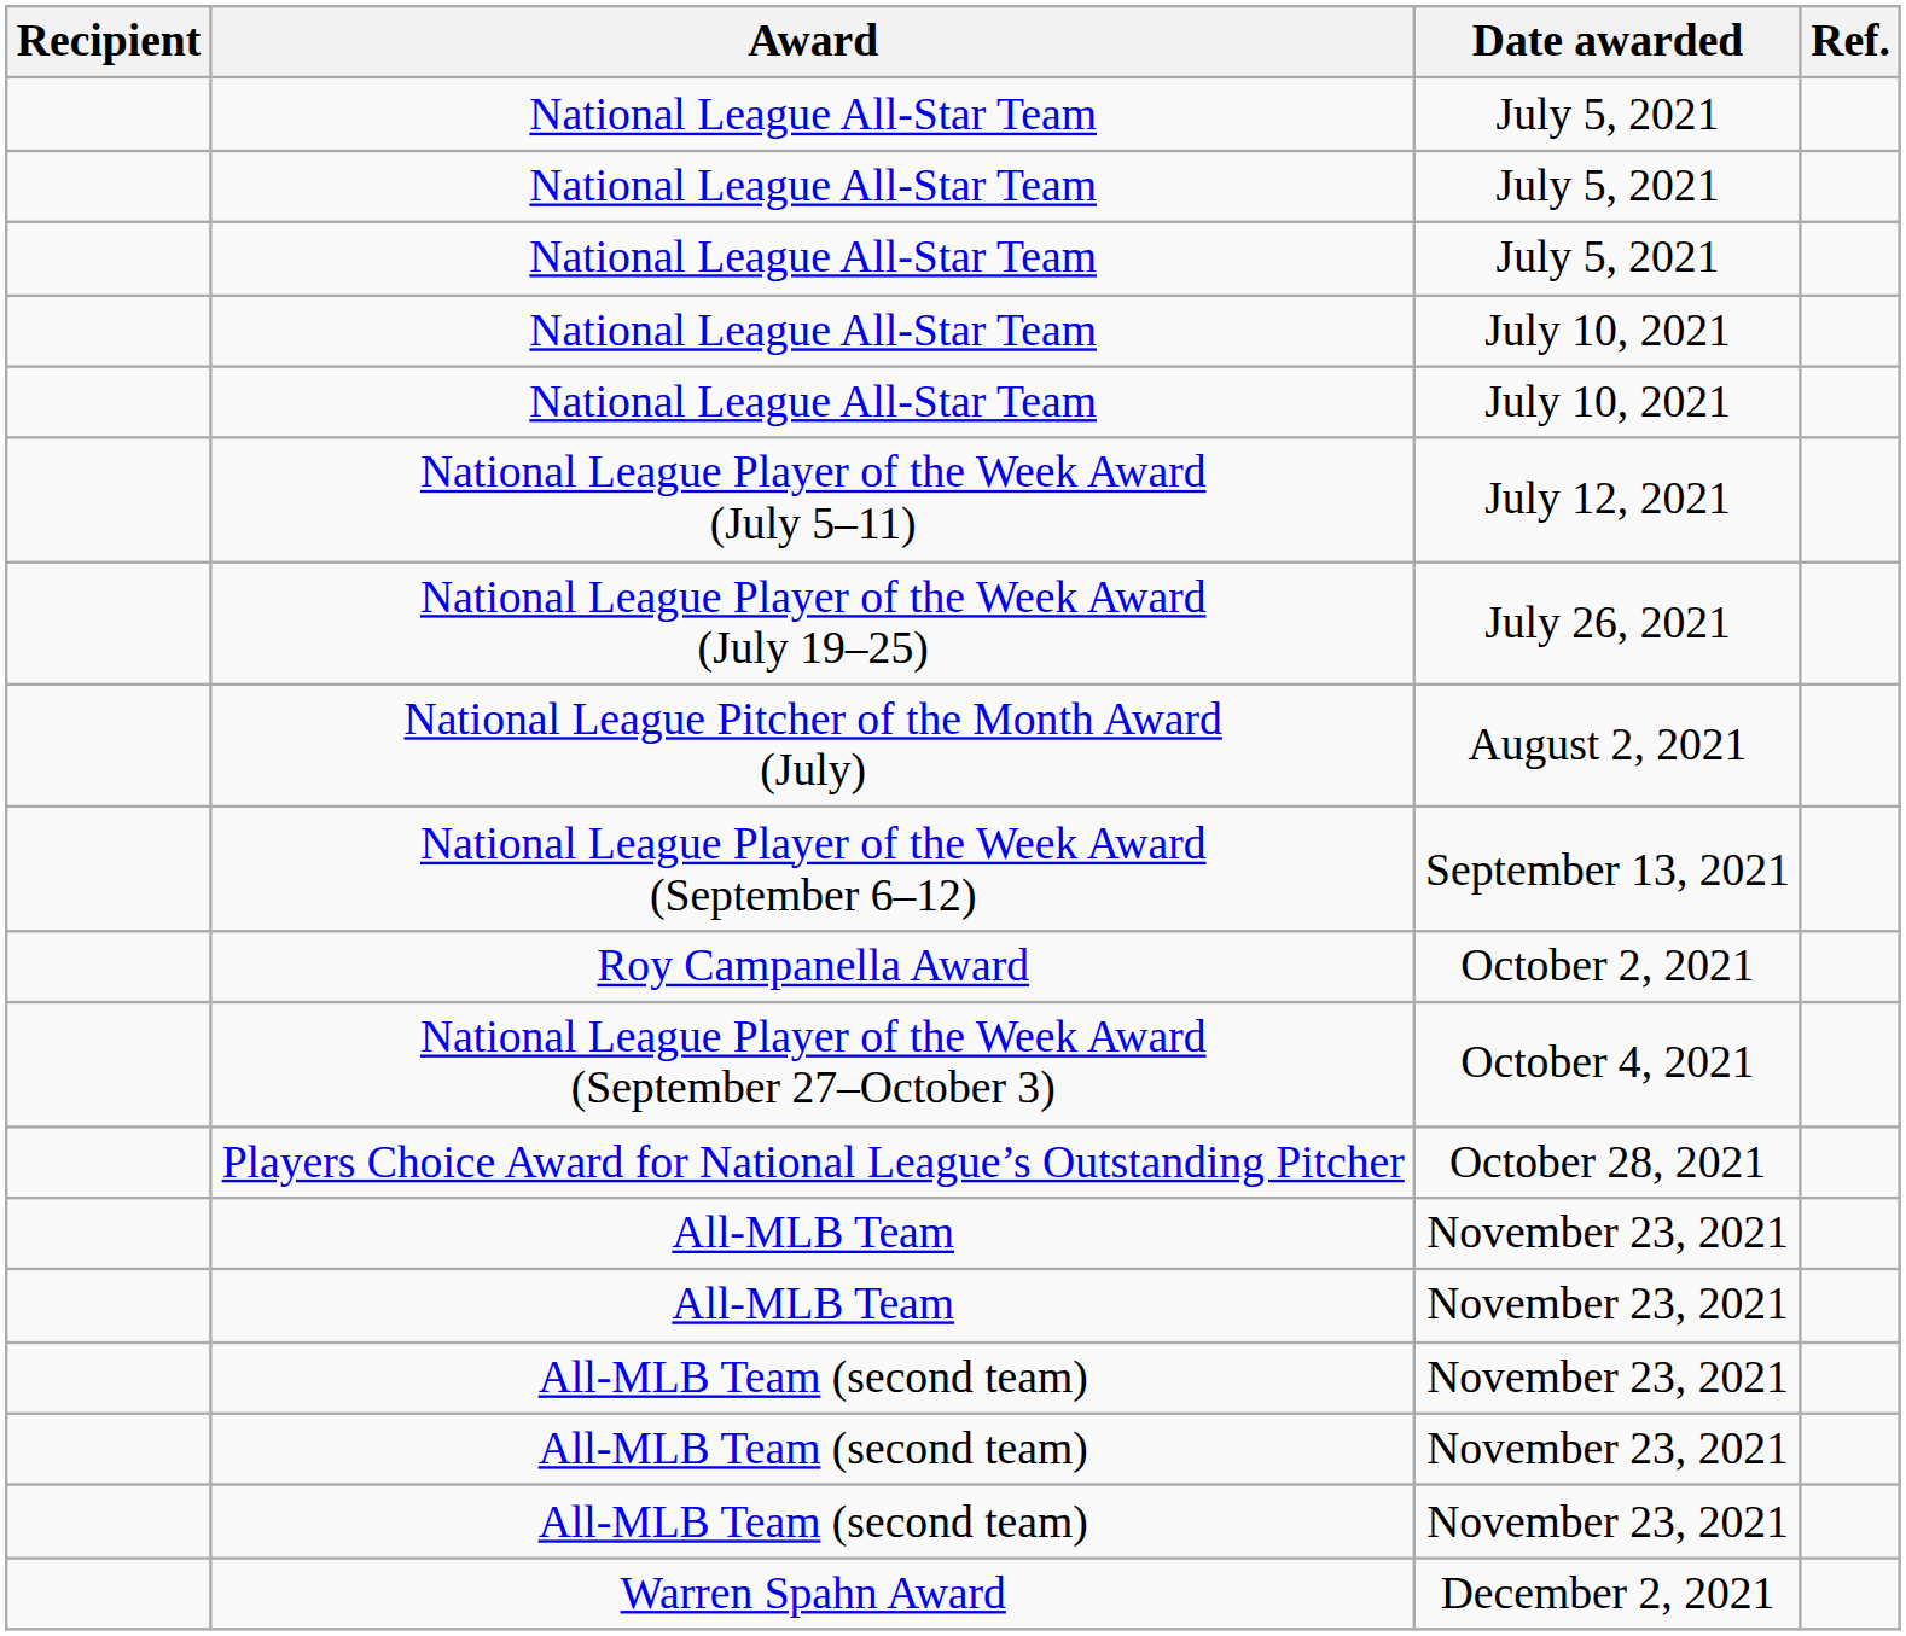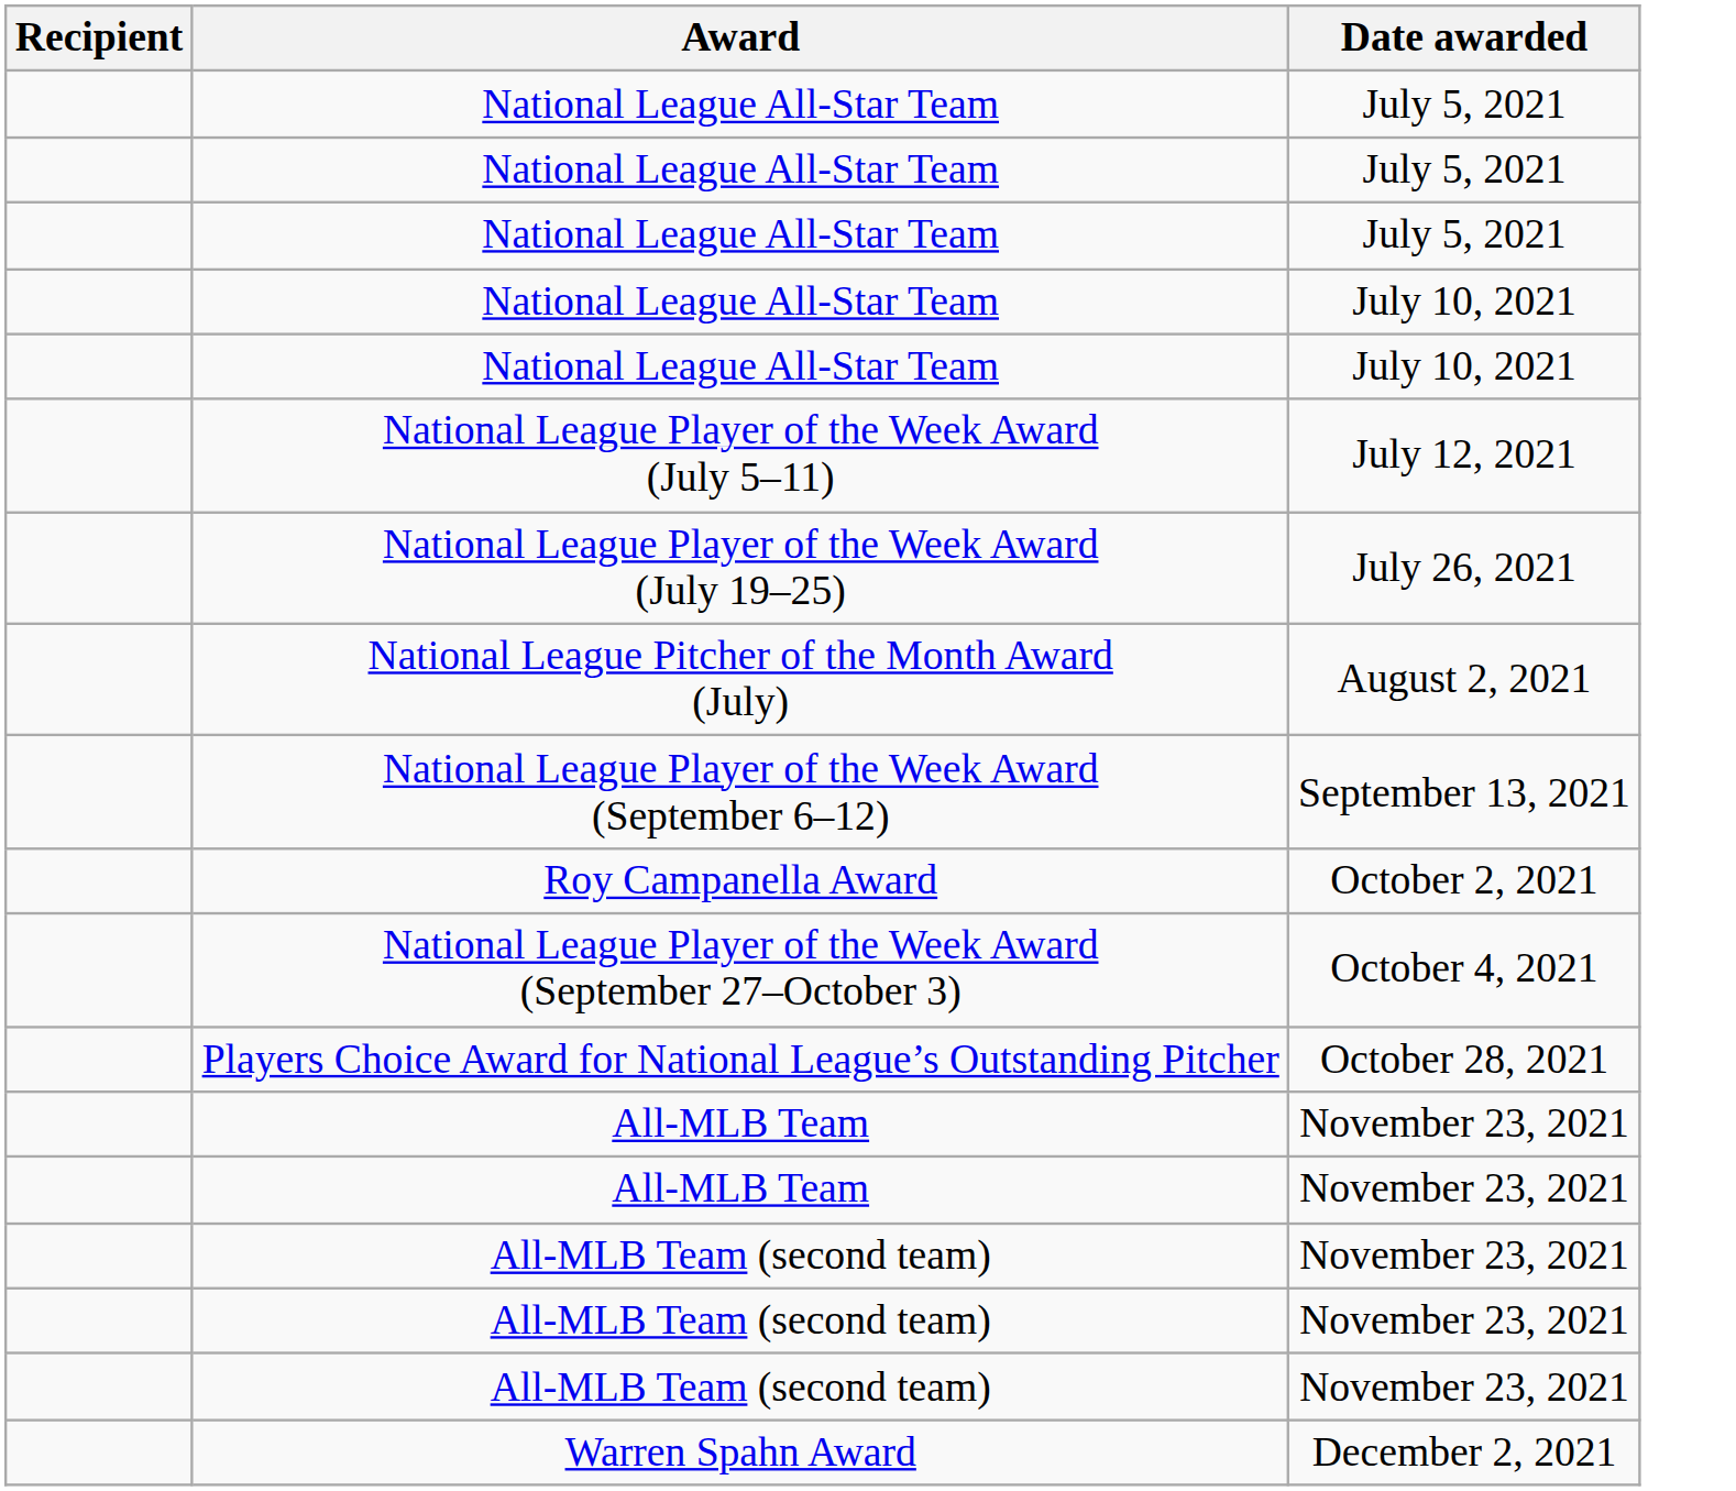 <table class="wikitable sortable collapsible" style="text-align:center">
 <tr>
 <th>Recipient</th>
 <th>Award</th>
 <th>Date awarded</th>
-<th>Ref.</th>
 </tr>
 <tr>
 <td></td>
 <td><a href='#'>National League All-Star Team</a></td>
 <td>July 5, 2021</td>
-<td></td>
 </tr>
 <tr>
 <td></td>
 <td><a href='#'>National League All-Star Team</a></td>
 <td>July 5, 2021</td>
-<td></td>
 </tr>
 <tr>
 <td></td>
 <td><a href='#'>National League All-Star Team</a></td>
 <td>July 5, 2021</td>
-<td></td>
 </tr>
 <tr>
 <td></td>
 <td><a href='#'>National League All-Star Team</a></td>
 <td>July 10, 2021</td>
-<td></td>
 </tr>
 <tr>
 <td></td>
 <td><a href='#'>National League All-Star Team</a></td>
 <td>July 10, 2021</td>
-<td></td>
 </tr>
 <tr>
 <td></td>
 <td><a href='#'>National League Player of the Week Award</a>  <br> (July 5–11)</td>
 <td>July 12, 2021</td>
-<td></td>
 </tr>
 <tr>
 <td></td>
 <td><a href='#'>National League Player of the Week Award</a>  <br> (July 19–25)</td>
 <td>July 26, 2021</td>
-<td></td>
 </tr>
 <tr>
 <td></td>
 <td><a href='#'>National League Pitcher of the Month Award</a>  <br> (July)</td>
 <td>August 2, 2021</td>
-<td></td>
 </tr>
 <tr>
 <td></td>
 <td><a href='#'>National League Player of the Week Award</a>  <br> (September 6–12)</td>
 <td>September 13, 2021</td>
-<td></td>
 </tr>
 <tr>
 <td></td>
 <td><a href='#'>Roy Campanella Award</a></td>
 <td>October 2, 2021</td>
-<td></td>
 </tr>
 <tr>
 <td></td>
 <td><a href='#'>National League Player of the Week Award</a>  <br> (September 27–October 3)</td>
 <td>October 4, 2021</td>
-<td></td>
 </tr>
 <tr>
 <td></td>
 <td><a href='#'>Players Choice Award for National League’s Outstanding Pitcher</a></td>
 <td>October 28, 2021</td>
-<td></td>
 </tr>
 <tr>
 <td></td>
 <td><a href='#'>All-MLB Team</a></td>
 <td>November 23, 2021</td>
-<td></td>
 </tr>
 <tr>
 <td></td>
 <td><a href='#'>All-MLB Team</a></td>
 <td>November 23, 2021</td>
-<td></td>
 </tr>
 <tr>
 <td></td>
 <td><a href='#'>All-MLB Team</a> (second team)</td>
 <td>November 23, 2021</td>
-<td></td>
 </tr>
 <tr>
 <td></td>
 <td><a href='#'>All-MLB Team</a> (second team)</td>
 <td>November 23, 2021</td>
-<td></td>
 </tr>
 <tr>
 <td></td>
 <td><a href='#'>All-MLB Team</a> (second team)</td>
 <td>November 23, 2021</td>
-<td></td>
 </tr>
 <tr>
 <td></td>
 <td><a href='#'>Warren Spahn Award</a></td>
 <td>December 2, 2021</td>
-<td></td>
 </tr>
 </table>
